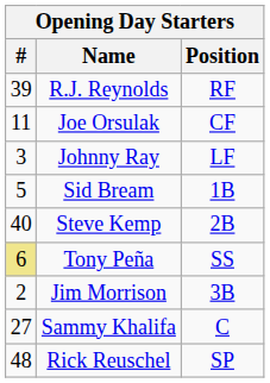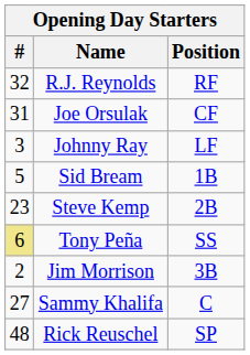 <table class="wikitable" style="text-align:center">
 <tr>
 <th colspan="3">Opening Day Starters</th>
 </tr>
 <tr>
 <th>#</th>
 <th>Name</th>
 <th>Position</th>
 </tr>
 <tr>
-<td>39</td>
+<td>32</td>
 <td><a href='#'>R.J. Reynolds</a></td>
 <td><a href='#'>RF</a></td>
 </tr>
 <tr>
-<td>11</td>
+<td>31</td>
 <td><a href='#'>Joe Orsulak</a></td>
 <td><a href='#'>CF</a></td>
 </tr>
 <tr>
 <td>3</td>
 <td><a href='#'>Johnny Ray</a></td>
 <td><a href='#'>LF</a></td>
 </tr>
 <tr>
 <td>5</td>
 <td><a href='#'>Sid Bream</a></td>
 <td><a href='#'>1B</a></td>
 </tr>
 <tr>
-<td>40</td>
+<td>23</td>
 <td><a href='#'>Steve Kemp</a></td>
 <td><a href='#'>2B</a></td>
 </tr>
 <tr>
 <td style="background: khaki;">6</td>
 <td><a href='#'>Tony Peña</a></td>
 <td><a href='#'>SS</a></td>
 </tr>
 <tr>
 <td>2</td>
 <td><a href='#'>Jim Morrison</a></td>
 <td><a href='#'>3B</a></td>
 </tr>
 <tr>
 <td>27</td>
 <td><a href='#'>Sammy Khalifa</a></td>
 <td><a href='#'>C</a></td>
 </tr>
 <tr>
 <td>48</td>
 <td><a href='#'>Rick Reuschel</a></td>
 <td><a href='#'>SP</a></td>
 </tr>
 </table>
